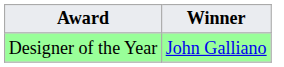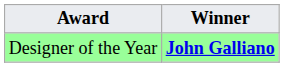 <table class="wikitable">
 <tr>
 <th style="background:#EAECF0">Award</th>
 <th style="background:#EAECF0">Winner</th>
 </tr>
 <tr>
 <td style="background:#99ff99">Designer of the Year</td>
-<td style="background:#99ff99"><a href='#'>John Galliano</a></td>
+<td style="background:#99ff99"><strong><a href='#'>John Galliano</a></strong></td>
 </tr>
 </table>
